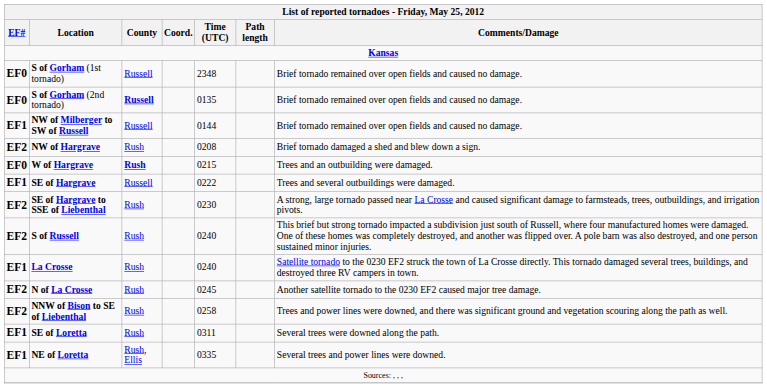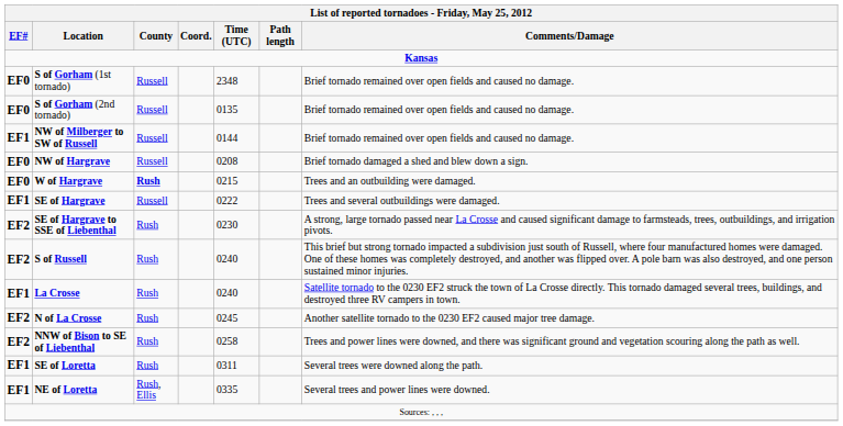 <table class="wikitable collapsible" width="100%">
 <tr>
 <th colspan="7">List of reported tornadoes - Friday, May 25, 2012</th>
 </tr>
 <tr>
 <th><a href='#'>EF#</a></th>
 <th>Location</th>
 <th>County</th>
 <th>Coord.</th>
 <th>Time (UTC)</th>
 <th>Path length</th>
 <th>Comments/Damage</th>
 </tr>
 <tr>
 <td colspan="7" align=center><strong><a href='#'>Kansas</a></strong></td>
 </tr>
 <tr>
 <td><big><strong>EF0</strong></big></td>
 <td><strong>S of <a href='#'>Gorham</a></strong> (1st tornado)</td>
 <td><a href='#'>Russell</a></td>
 <td></td>
 <td>2348</td>
 <td></td>
 <td>Brief tornado remained over open fields and caused no damage.</td>
 </tr>
 <tr>
 <td><big><strong>EF0</strong></big></td>
 <td><strong>S of <a href='#'>Gorham</a></strong> (2nd tornado)</td>
-<td><strong><a href='#'>Russell</a></strong></td>
+<td><a href='#'>Russell</a></td>
 <td></td>
 <td>0135</td>
 <td></td>
 <td>Brief tornado remained over open fields and caused no damage.</td>
 </tr>
 <tr>
 <td><big><strong>EF1</strong></big></td>
 <td><strong>NW of <a href='#'>Milberger</a> to SW of <a href='#'>Russell</a></strong></td>
 <td><a href='#'>Russell</a></td>
 <td></td>
 <td>0144</td>
 <td></td>
 <td>Brief tornado remained over open fields and caused no damage.</td>
 </tr>
 <tr>
-<td><big><strong>EF2</strong></big></td>
+<td><big><strong>EF0</strong></big></td>
 <td><strong>NW of <a href='#'>Hargrave</a></strong></td>
-<td><a href='#'>Rush</a></td>
+<td><a href='#'>Russell</a></td>
 <td></td>
 <td>0208</td>
 <td></td>
 <td>Brief tornado damaged a shed and blew down a sign.</td>
 </tr>
 <tr>
 <td><big><strong>EF0</strong></big></td>
 <td><strong>W of <a href='#'>Hargrave</a></strong></td>
 <td><strong><a href='#'>Rush</a></strong></td>
 <td></td>
 <td>0215</td>
 <td></td>
 <td>Trees and an outbuilding were damaged.</td>
 </tr>
 <tr>
 <td><big><strong>EF1</strong></big></td>
 <td><strong>SE of <a href='#'>Hargrave</a></strong></td>
 <td><a href='#'>Russell</a></td>
 <td></td>
 <td>0222</td>
 <td></td>
 <td>Trees and several outbuildings were damaged.</td>
 </tr>
 <tr>
 <td><big><strong>EF2</strong></big></td>
 <td><strong>SE of <a href='#'>Hargrave</a> to SSE of <a href='#'>Liebenthal</a></strong></td>
 <td><a href='#'>Rush</a></td>
 <td></td>
 <td>0230</td>
 <td></td>
 <td>A strong, large tornado passed near <a href='#'>La Crosse</a> and caused significant damage to farmsteads, trees, outbuildings, and irrigation pivots.</td>
 </tr>
 <tr>
 <td><big><strong>EF2</strong></big></td>
 <td><strong>S of <a href='#'>Russell</a></strong></td>
 <td><a href='#'>Rush</a></td>
 <td></td>
 <td>0240</td>
 <td></td>
 <td>This brief but strong tornado impacted a subdivision just south of Russell, where four manufactured homes were damaged. One of these homes was completely destroyed, and another was flipped over. A pole barn was also destroyed, and one person sustained minor injuries.</td>
 </tr>
 <tr>
 <td><big><strong>EF1</strong></big></td>
 <td><strong><a href='#'>La Crosse</a></strong></td>
 <td><a href='#'>Rush</a></td>
 <td></td>
 <td>0240</td>
 <td></td>
 <td><a href='#'>Satellite tornado</a> to the 0230 EF2 struck the town of La Crosse directly. This tornado damaged several trees, buildings, and destroyed three RV campers in town.</td>
 </tr>
 <tr>
 <td><big><strong>EF2</strong></big></td>
 <td><strong>N of <a href='#'>La Crosse</a></strong></td>
 <td><a href='#'>Rush</a></td>
 <td></td>
 <td>0245</td>
 <td></td>
 <td>Another satellite tornado to the 0230 EF2 caused major tree damage.</td>
 </tr>
 <tr>
 <td><big><strong>EF2</strong></big></td>
 <td><strong>NNW of <a href='#'>Bison</a> to SE of <a href='#'>Liebenthal</a></strong></td>
 <td><a href='#'>Rush</a></td>
 <td></td>
 <td>0258</td>
 <td></td>
 <td>Trees and power lines were downed, and there was significant ground and vegetation scouring along the path as well.</td>
 </tr>
 <tr>
 <td><big><strong>EF1</strong></big></td>
 <td><strong>SE of <a href='#'>Loretta</a></strong></td>
 <td><a href='#'>Rush</a></td>
 <td></td>
 <td>0311</td>
 <td></td>
 <td>Several trees were downed along the path.</td>
 </tr>
 <tr>
 <td><big><strong>EF1</strong></big></td>
 <td><strong>NE of <a href='#'>Loretta</a></strong></td>
 <td><a href='#'>Rush</a>, <a href='#'>Ellis</a></td>
 <td></td>
 <td>0335</td>
 <td></td>
 <td>Several trees and power lines were downed.</td>
 </tr>
 <tr>
 <td colspan="7" align=center><small>Sources: , , , </small></td>
 </tr>
 <tr>
 </tr>
 </table>
